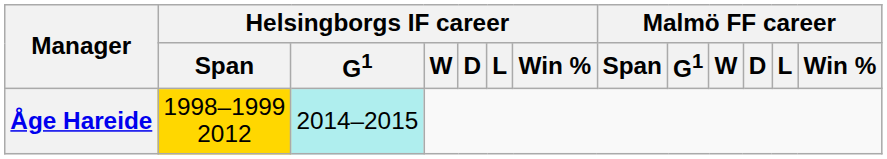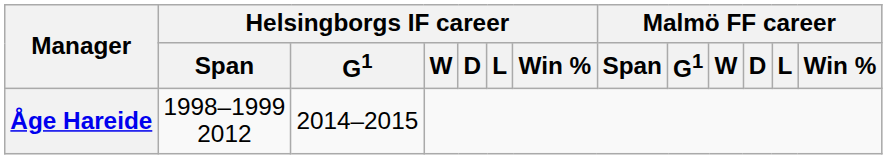 <table class="wikitable plainrowheaders" style="text-align:center">
 <tr>
 <th rowspan="2" scope="col">Manager</th>
 <th colspan="6" scope="col">Helsingborgs IF career</th>
 <th colspan="6" scope="col">Malmö FF career</th>
 </tr>
 <tr>
 <th scope="col">Span</th>
 <th scope="col">G<sup>1</sup></th>
 <th scope="col">W</th>
 <th scope="col">D</th>
 <th scope="col">L</th>
 <th scope="col">Win %</th>
 <th scope="col">Span</th>
 <th scope="col">G<sup>1</sup></th>
 <th scope="col">W</th>
 <th scope="col">D</th>
 <th scope="col">L</th>
 <th scope="col">Win %</th>
 </tr>
 <tr>
 <th scope="row" align="left"> <a href='#'>Åge Hareide</a></th>
-<td style="background: gold;">1998–1999<br>2012<br></td>
-<td style="background: paleturquoise;">2014–2015<br></td>
+<td>1998–1999<br>2012<br></td>
+<td>2014–2015<br></td>
 </tr>
 </table>
